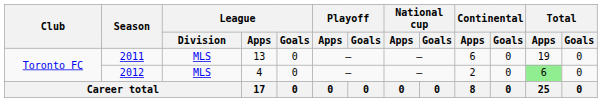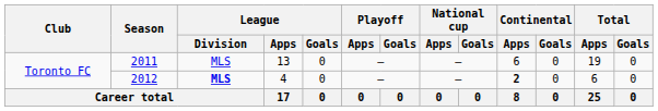 <table class="wikitable" style="text-align:center">
 <tr>
 <th rowspan="2">Club</th>
 <th rowspan="2">Season</th>
 <th colspan="3">League</th>
 <th colspan="2">Playoff</th>
 <th colspan="2">National cup</th>
 <th colspan="2">Continental</th>
 <th colspan="2">Total</th>
 </tr>
 <tr>
 <th>Division</th>
 <th width="40">Apps</th>
 <th width="40">Goals</th>
 <th width="40">Apps</th>
 <th width="40">Goals</th>
 <th width="40">Apps</th>
 <th width="40">Goals</th>
 <th width="40">Apps</th>
 <th width="40">Goals</th>
 <th width="40">Apps</th>
 <th width="40">Goals</th>
 </tr>
 <tr>
 <td rowspan=2><a href='#'>Toronto FC</a></td>
 <td><a href='#'>2011</a></td>
 <td rowspan=1><a href='#'>MLS</a></td>
 <td>13</td>
 <td>0</td>
 <td colspan="2">–</td>
 <td colspan="2">–</td>
 <td>6</td>
 <td>0</td>
 <td>19</td>
 <td>0</td>
 </tr>
 <tr>
 <td><a href='#'>2012</a></td>
-<td rowspan=1><a href='#'>MLS</a></td>
+<td rowspan=1><strong><a href='#'>MLS</a></strong></td>
 <td>4</td>
 <td>0</td>
 <td colspan="2">–</td>
 <td colspan="2">–</td>
-<td>2</td>
+<td><strong>2</strong></td>
 <td>0</td>
-<td style="background: lightgreen;">6</td>
+<td>6</td>
 <td>0</td>
 </tr>
 <tr>
 <th colspan="3" width=40%>Career total</th>
 <th>17</th>
 <th>0</th>
 <th>0</th>
 <th>0</th>
 <th>0</th>
 <th>0</th>
 <th>8</th>
 <th>0</th>
 <th>25</th>
 <th>0</th>
 </tr>
 </table>
